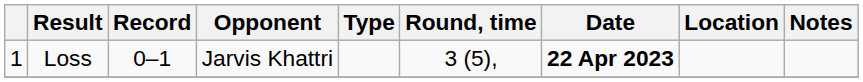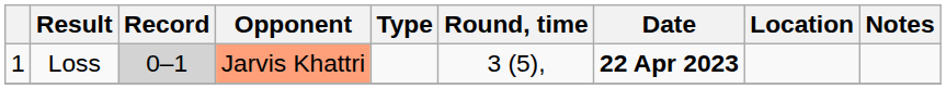 <table class="wikitable" style="text-align:center">
 <tr>
 <th></th>
 <th>Result</th>
 <th>Record</th>
 <th>Opponent</th>
 <th>Type</th>
 <th>Round, time</th>
 <th>Date</th>
 <th>Location</th>
 <th>Notes</th>
 </tr>
 <tr>
 <td>1</td>
 <td>Loss</td>
-<td>0–1</td>
-<td style="text-align:left;">Jarvis Khattri</td>
+<td style="background: lightgrey;">0–1</td>
+<td style="background: lightsalmon; text-align:left;">Jarvis Khattri</td>
 <td></td>
 <td>3 (5), </td>
 <td><strong>22 Apr 2023</strong></td>
 <td style="text-align:left;"></td>
 <td style="text-align:left;"></td>
 </tr>
 <tr>
 </tr>
 </table>
